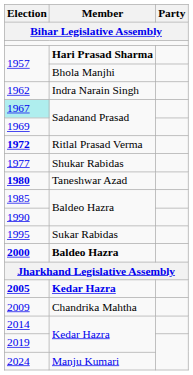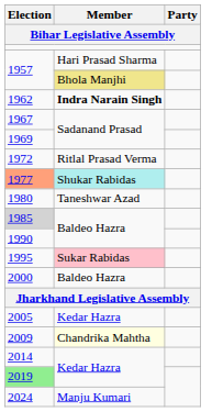 <table class="wikitable sortable">
 <tr>
 <th>Election</th>
 <th>Member</th>
 <th colspan=2>Party</th>
 </tr>
 <tr>
 <th colspan=4><a href='#'>Bihar Legislative Assembly</a></th>
 </tr>
 <tr>
 <td colspan="4"></td>
 </tr>
 <tr>
 <td rowspan=2><a href='#'>1957</a></td>
-<td><strong>Hari Prasad Sharma</strong></td>
+<td>Hari Prasad Sharma</td>
 <td></td>
 </tr>
 <tr>
-<td>Bhola Manjhi</td>
+<td style="background: khaki;">Bhola Manjhi</td>
 <td></td>
 </tr>
 <tr>
 <td><a href='#'>1962</a></td>
-<td>Indra Narain Singh</td>
+<td><strong>Indra Narain Singh</strong></td>
 <td></td>
 </tr>
 <tr>
-<td style="background: paleturquoise;"><a href='#'>1967</a></td>
+<td><a href='#'>1967</a></td>
 <td rowspan=2>Sadanand Prasad</td>
 <td></td>
 </tr>
 <tr>
 <td><a href='#'>1969</a></td>
 </tr>
 <tr>
-<td><strong><a href='#'>1972</a></strong></td>
+<td><a href='#'>1972</a></td>
 <td>Ritlal Prasad Verma</td>
 <td></td>
 </tr>
 <tr>
-<td><a href='#'>1977</a></td>
-<td>Shukar Rabidas</td>
+<td style="background: lightsalmon;"><a href='#'>1977</a></td>
+<td style="background: paleturquoise;">Shukar Rabidas</td>
 <td></td>
 </tr>
 <tr>
-<td><strong><a href='#'>1980</a></strong></td>
+<td><a href='#'>1980</a></td>
 <td>Taneshwar Azad</td>
 <td></td>
 </tr>
 <tr>
-<td><a href='#'>1985</a></td>
+<td style="background: lightgrey;"><a href='#'>1985</a></td>
 <td rowspan=2>Baldeo Hazra</td>
 <td></td>
 </tr>
 <tr>
 <td><a href='#'>1990</a></td>
 </tr>
 <tr>
 <td><a href='#'>1995</a></td>
-<td>Sukar Rabidas</td>
+<td style="background: pink;">Sukar Rabidas</td>
 <td></td>
 </tr>
 <tr>
-<td><strong><a href='#'>2000</a></strong></td>
-<td><strong>Baldeo Hazra</strong></td>
+<td><a href='#'>2000</a></td>
+<td>Baldeo Hazra</td>
 <td></td>
 </tr>
 <tr>
 <th colspan=4><a href='#'>Jharkhand Legislative Assembly</a></th>
 </tr>
 <tr>
-<td><strong><a href='#'>2005</a></strong></td>
-<td><strong><a href='#'>Kedar Hazra</a></strong></td>
+<td><a href='#'>2005</a></td>
+<td><a href='#'>Kedar Hazra</a></td>
 <td></td>
 </tr>
 <tr>
 <td><a href='#'>2009</a></td>
-<td>Chandrika Mahtha</td>
+<td style="background: lightyellow;">Chandrika Mahtha</td>
 <td></td>
 </tr>
 <tr>
 <td><a href='#'>2014</a></td>
 <td rowspan=2><a href='#'>Kedar Hazra</a></td>
 <td></td>
 </tr>
 <tr>
-<td><a href='#'>2019</a></td>
+<td style="background: lightgreen;"><a href='#'>2019</a></td>
 </tr>
 <tr>
 <td><a href='#'>2024</a></td>
 <td><a href='#'>Manju Kumari</a></td>
 </tr>
 </table>
